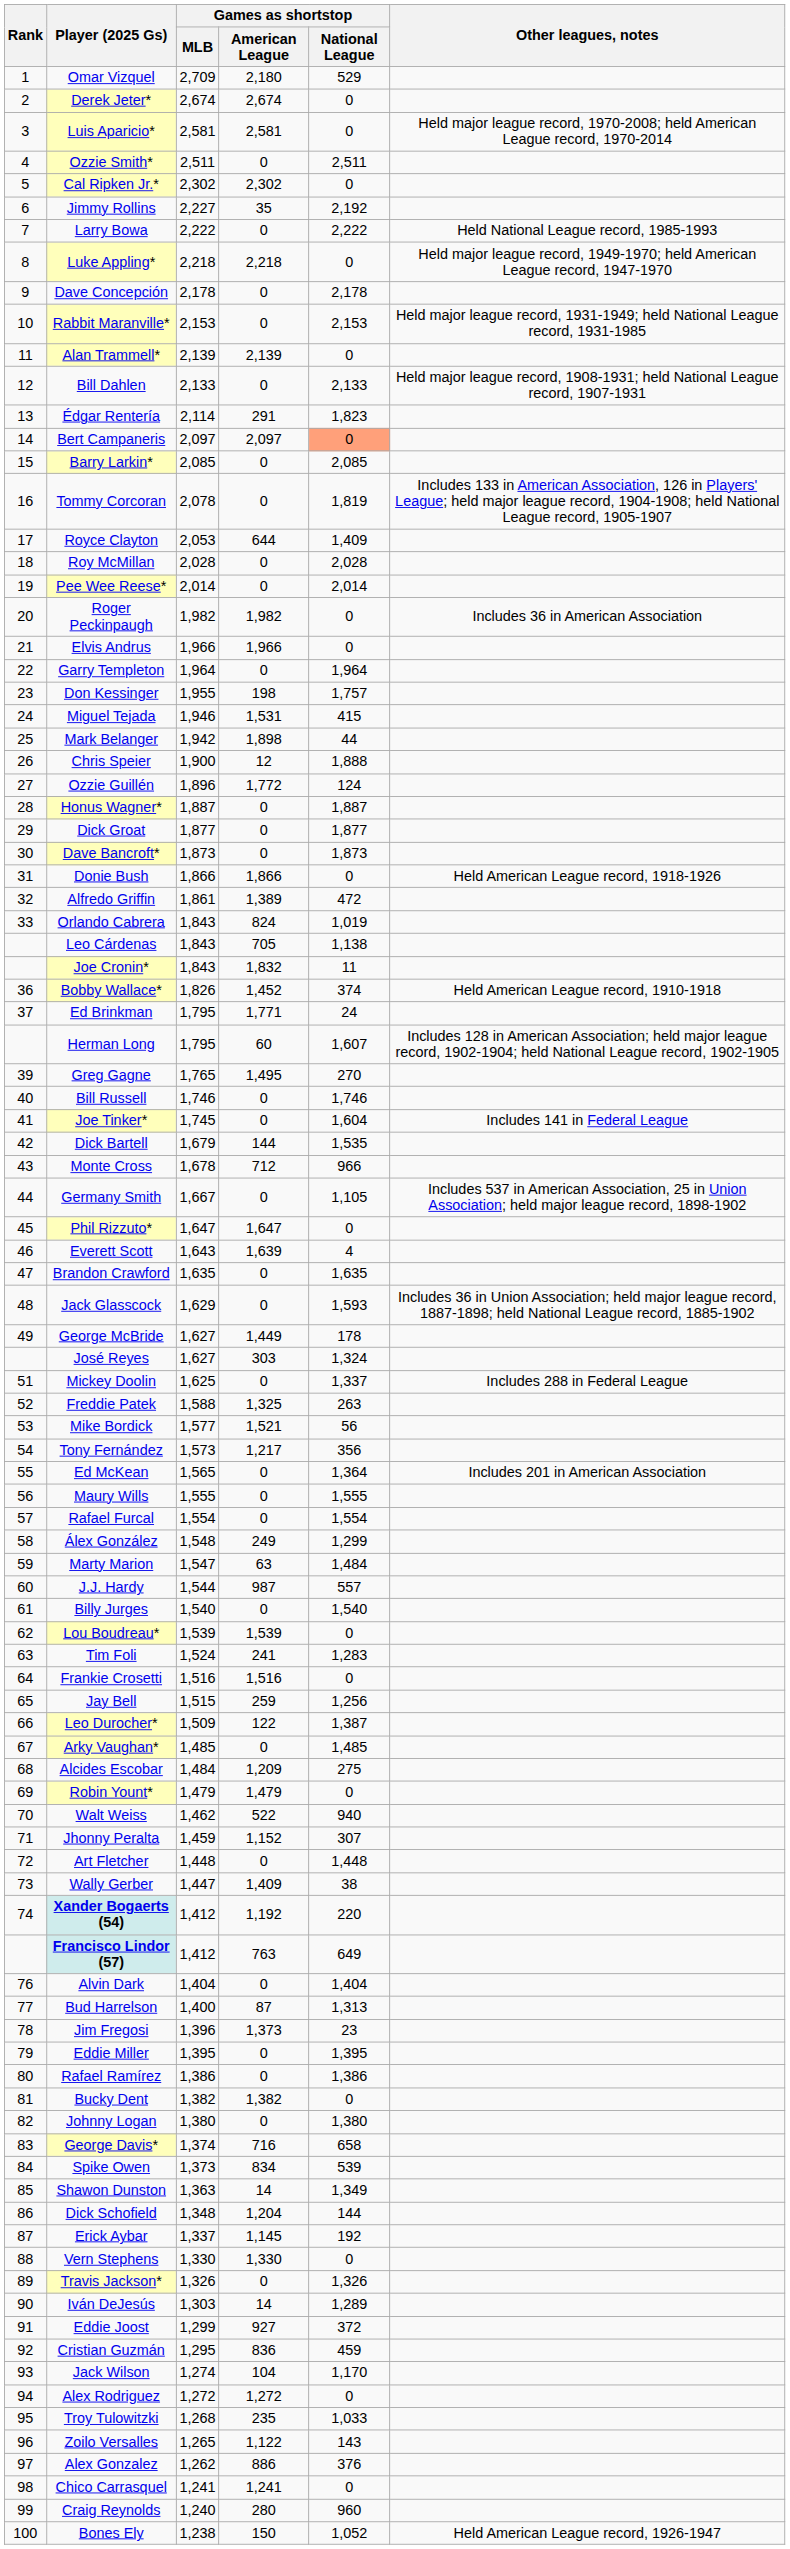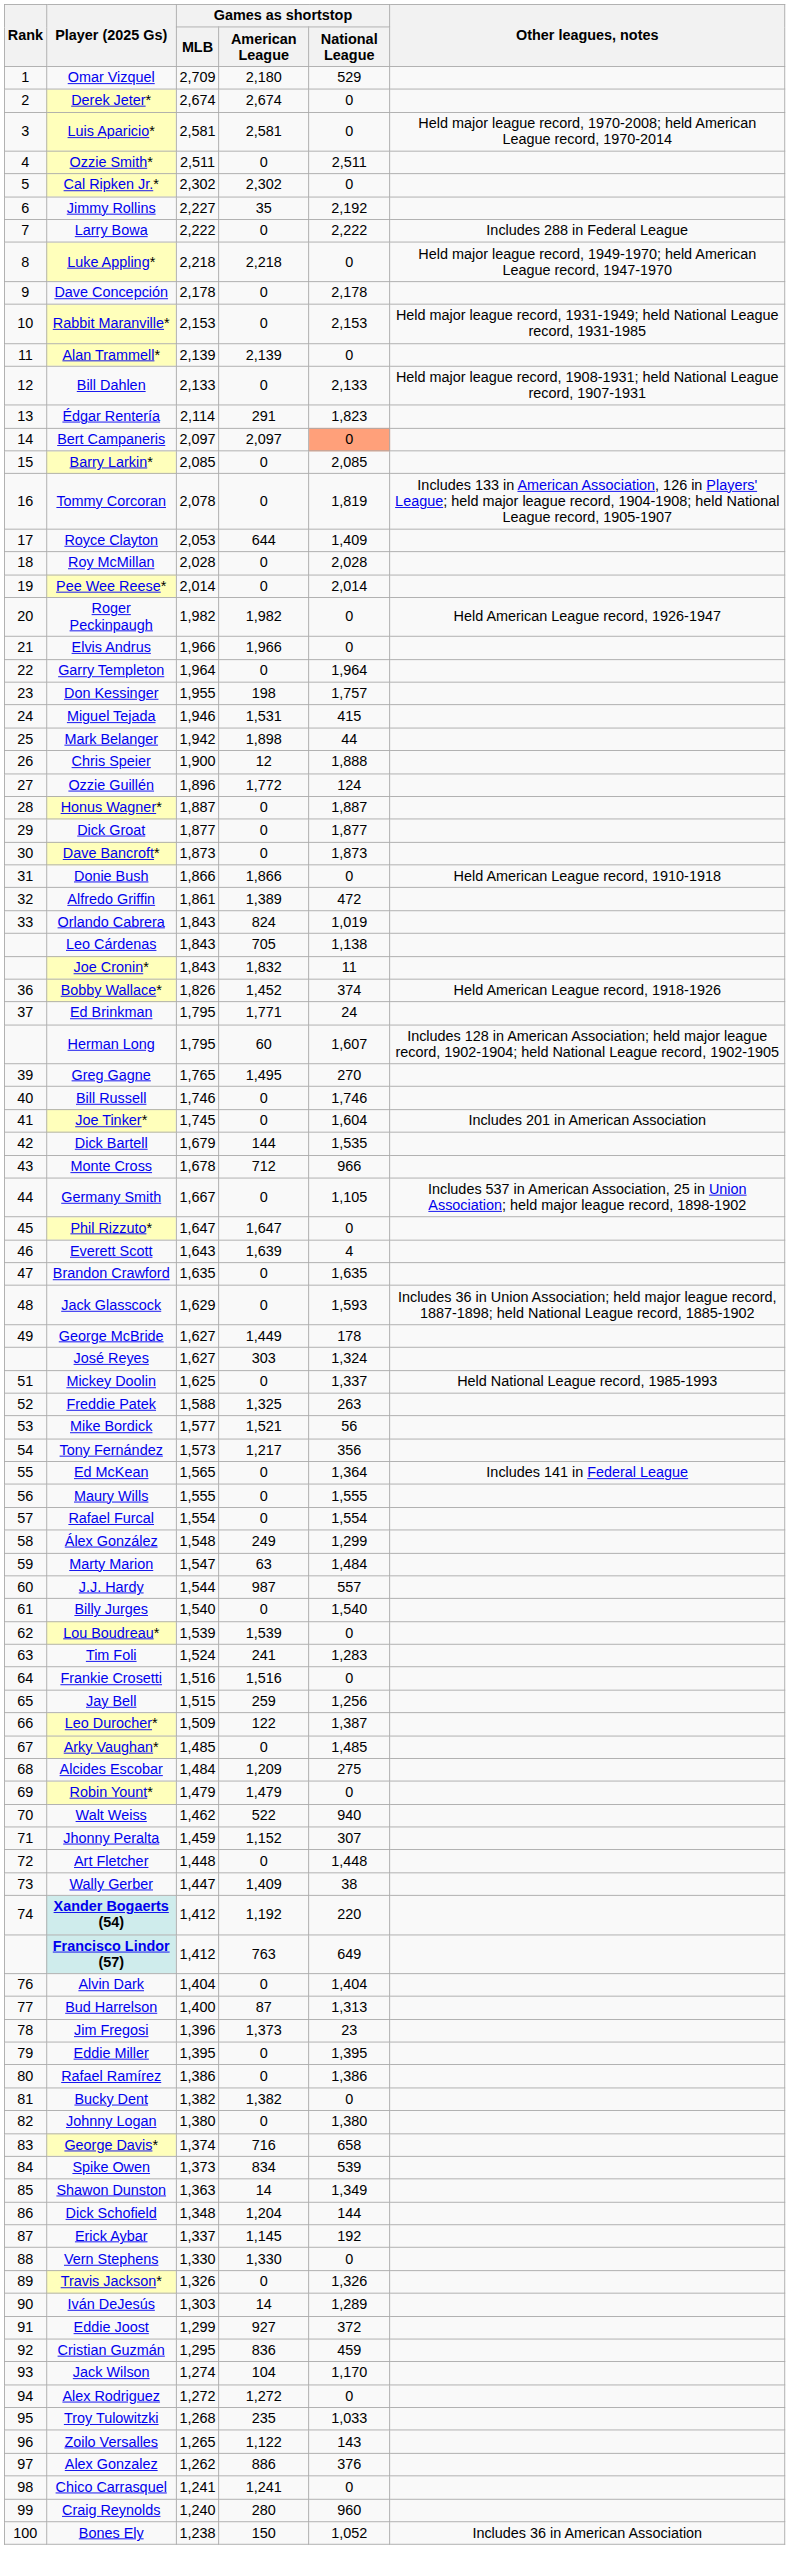 <table class="wikitable sortable" style="text-align:center">
 <tr style="white-space:nowrap;">
 <th rowspan=2>Rank</th>
 <th rowspan=2 scope="col">Player (2025 Gs)</th>
 <th colspan=3>Games as shortstop</th>
 <th rowspan=2>Other leagues, notes</th>
 </tr>
 <tr>
 <th>MLB</th>
 <th>American League</th>
 <th>National League</th>
 </tr>
 <tr>
 <td>1</td>
 <td><a href='#'>Omar Vizquel</a></td>
 <td>2,709</td>
 <td>2,180</td>
 <td>529</td>
 <td></td>
 </tr>
 <tr>
 <td>2</td>
 <td style="background:#ffffbb;"><a href='#'>Derek Jeter</a>*</td>
 <td>2,674</td>
 <td>2,674</td>
 <td>0</td>
 <td></td>
 </tr>
 <tr>
 <td>3</td>
 <td style="background:#ffffbb;"><a href='#'>Luis Aparicio</a>*</td>
 <td>2,581</td>
 <td>2,581</td>
 <td>0</td>
 <td>Held major league record, 1970-2008; held American League record, 1970-2014</td>
 </tr>
 <tr>
 <td>4</td>
 <td style="background:#ffffbb;"><a href='#'>Ozzie Smith</a>*</td>
 <td>2,511</td>
 <td>0</td>
 <td>2,511</td>
 <td></td>
 </tr>
 <tr>
 <td>5</td>
 <td style="background:#ffffbb;"><a href='#'>Cal Ripken Jr.</a>*</td>
 <td>2,302</td>
 <td>2,302</td>
 <td>0</td>
 <td></td>
 </tr>
 <tr>
 <td>6</td>
 <td><a href='#'>Jimmy Rollins</a></td>
 <td>2,227</td>
 <td>35</td>
 <td>2,192</td>
 <td></td>
 </tr>
 <tr>
 <td>7</td>
 <td><a href='#'>Larry Bowa</a></td>
 <td>2,222</td>
 <td>0</td>
 <td>2,222</td>
-<td>Held National League record, 1985-1993</td>
+<td>Includes 288 in Federal League</td>
 </tr>
 <tr>
 <td>8</td>
 <td style="background:#ffffbb;"><a href='#'>Luke Appling</a>*</td>
 <td>2,218</td>
 <td>2,218</td>
 <td>0</td>
 <td>Held major league record, 1949-1970; held American League record, 1947-1970</td>
 </tr>
 <tr>
 <td>9</td>
 <td><a href='#'>Dave Concepción</a></td>
 <td>2,178</td>
 <td>0</td>
 <td>2,178</td>
 <td></td>
 </tr>
 <tr>
 <td>10</td>
 <td style="background:#ffffbb;"><a href='#'>Rabbit Maranville</a>*</td>
 <td>2,153</td>
 <td>0</td>
 <td>2,153</td>
 <td>Held major league record, 1931-1949; held National League record, 1931-1985</td>
 </tr>
 <tr>
 <td>11</td>
 <td style="background:#ffffbb;"><a href='#'>Alan Trammell</a>*</td>
 <td>2,139</td>
 <td>2,139</td>
 <td>0</td>
 <td></td>
 </tr>
 <tr>
 <td>12</td>
 <td><a href='#'>Bill Dahlen</a></td>
 <td>2,133</td>
 <td>0</td>
 <td>2,133</td>
 <td>Held major league record, 1908-1931; held National League record, 1907-1931</td>
 </tr>
 <tr>
 <td>13</td>
 <td><a href='#'>Édgar Rentería</a></td>
 <td>2,114</td>
 <td>291</td>
 <td>1,823</td>
 <td></td>
 </tr>
 <tr>
 <td>14</td>
 <td><a href='#'>Bert Campaneris</a></td>
 <td>2,097</td>
 <td>2,097</td>
 <td style="background: lightsalmon;">0</td>
 <td></td>
 </tr>
 <tr>
 <td>15</td>
 <td style="background:#ffffbb;"><a href='#'>Barry Larkin</a>*</td>
 <td>2,085</td>
 <td>0</td>
 <td>2,085</td>
 <td></td>
 </tr>
 <tr>
 <td>16</td>
 <td><a href='#'>Tommy Corcoran</a></td>
 <td>2,078</td>
 <td>0</td>
 <td>1,819</td>
 <td>Includes 133 in <a href='#'>American Association</a>, 126 in <a href='#'>Players' League</a>; held major league record, 1904-1908; held National League record, 1905-1907</td>
 </tr>
 <tr>
 <td>17</td>
 <td><a href='#'>Royce Clayton</a></td>
 <td>2,053</td>
 <td>644</td>
 <td>1,409</td>
 <td></td>
 </tr>
 <tr>
 <td>18</td>
 <td><a href='#'>Roy McMillan</a></td>
 <td>2,028</td>
 <td>0</td>
 <td>2,028</td>
 <td></td>
 </tr>
 <tr>
 <td>19</td>
 <td style="background:#ffffbb;"><a href='#'>Pee Wee Reese</a>*</td>
 <td>2,014</td>
 <td>0</td>
 <td>2,014</td>
 <td></td>
 </tr>
 <tr>
 <td>20</td>
 <td><a href='#'>Roger Peckinpaugh</a></td>
 <td>1,982</td>
 <td>1,982</td>
 <td>0</td>
-<td>Includes 36 in American Association</td>
+<td>Held American League record, 1926-1947</td>
 </tr>
 <tr>
 <td>21</td>
 <td><a href='#'>Elvis Andrus</a></td>
 <td>1,966</td>
 <td>1,966</td>
 <td>0</td>
 <td></td>
 </tr>
 <tr>
 <td>22</td>
 <td><a href='#'>Garry Templeton</a></td>
 <td>1,964</td>
 <td>0</td>
 <td>1,964</td>
 <td></td>
 </tr>
 <tr>
 <td>23</td>
 <td><a href='#'>Don Kessinger</a></td>
 <td>1,955</td>
 <td>198</td>
 <td>1,757</td>
 <td></td>
 </tr>
 <tr>
 <td>24</td>
 <td><a href='#'>Miguel Tejada</a></td>
 <td>1,946</td>
 <td>1,531</td>
 <td>415</td>
 <td></td>
 </tr>
 <tr>
 <td>25</td>
 <td><a href='#'>Mark Belanger</a></td>
 <td>1,942</td>
 <td>1,898</td>
 <td>44</td>
 <td></td>
 </tr>
 <tr>
 <td>26</td>
 <td><a href='#'>Chris Speier</a></td>
 <td>1,900</td>
 <td>12</td>
 <td>1,888</td>
 <td></td>
 </tr>
 <tr>
 <td>27</td>
 <td><a href='#'>Ozzie Guillén</a></td>
 <td>1,896</td>
 <td>1,772</td>
 <td>124</td>
 <td></td>
 </tr>
 <tr>
 <td>28</td>
 <td style="background:#ffffbb;"><a href='#'>Honus Wagner</a>*</td>
 <td>1,887</td>
 <td>0</td>
 <td>1,887</td>
 <td></td>
 </tr>
 <tr>
 <td>29</td>
 <td><a href='#'>Dick Groat</a></td>
 <td>1,877</td>
 <td>0</td>
 <td>1,877</td>
 <td></td>
 </tr>
 <tr>
 <td>30</td>
 <td style="background:#ffffbb;"><a href='#'>Dave Bancroft</a>*</td>
 <td>1,873</td>
 <td>0</td>
 <td>1,873</td>
 <td></td>
 </tr>
 <tr>
 <td>31</td>
 <td><a href='#'>Donie Bush</a></td>
 <td>1,866</td>
 <td>1,866</td>
 <td>0</td>
-<td>Held American League record, 1918-1926</td>
+<td>Held American League record, 1910-1918</td>
 </tr>
 <tr>
 <td>32</td>
 <td><a href='#'>Alfredo Griffin</a></td>
 <td>1,861</td>
 <td>1,389</td>
 <td>472</td>
 <td></td>
 </tr>
 <tr>
 <td>33</td>
 <td><a href='#'>Orlando Cabrera</a></td>
 <td>1,843</td>
 <td>824</td>
 <td>1,019</td>
 <td></td>
 </tr>
 <tr>
 <td></td>
 <td><a href='#'>Leo Cárdenas</a></td>
 <td>1,843</td>
 <td>705</td>
 <td>1,138</td>
 <td></td>
 </tr>
 <tr>
 <td></td>
 <td style="background:#ffffbb;"><a href='#'>Joe Cronin</a>*</td>
 <td>1,843</td>
 <td>1,832</td>
 <td>11</td>
 <td></td>
 </tr>
 <tr>
 <td>36</td>
 <td style="background:#ffffbb;"><a href='#'>Bobby Wallace</a>*</td>
 <td>1,826</td>
 <td>1,452</td>
 <td>374</td>
-<td>Held American League record, 1910-1918</td>
+<td>Held American League record, 1918-1926</td>
 </tr>
 <tr>
 <td>37</td>
 <td><a href='#'>Ed Brinkman</a></td>
 <td>1,795</td>
 <td>1,771</td>
 <td>24</td>
 <td></td>
 </tr>
 <tr>
 <td></td>
 <td><a href='#'>Herman Long</a></td>
 <td>1,795</td>
 <td>60</td>
 <td>1,607</td>
 <td>Includes 128 in American Association; held major league record, 1902-1904; held National League record, 1902-1905</td>
 </tr>
 <tr>
 <td>39</td>
 <td><a href='#'>Greg Gagne</a></td>
 <td>1,765</td>
 <td>1,495</td>
 <td>270</td>
 <td></td>
 </tr>
 <tr>
 <td>40</td>
 <td><a href='#'>Bill Russell</a></td>
 <td>1,746</td>
 <td>0</td>
 <td>1,746</td>
 <td></td>
 </tr>
 <tr>
 <td>41</td>
 <td style="background:#ffffbb;"><a href='#'>Joe Tinker</a>*</td>
 <td>1,745</td>
 <td>0</td>
 <td>1,604</td>
-<td>Includes 141 in <a href='#'>Federal League</a></td>
+<td>Includes 201 in American Association</td>
 </tr>
 <tr>
 <td>42</td>
 <td><a href='#'>Dick Bartell</a></td>
 <td>1,679</td>
 <td>144</td>
 <td>1,535</td>
 <td></td>
 </tr>
 <tr>
 <td>43</td>
 <td><a href='#'>Monte Cross</a></td>
 <td>1,678</td>
 <td>712</td>
 <td>966</td>
 <td></td>
 </tr>
 <tr>
 <td>44</td>
 <td><a href='#'>Germany Smith</a></td>
 <td>1,667</td>
 <td>0</td>
 <td>1,105</td>
 <td>Includes 537 in American Association, 25 in <a href='#'>Union Association</a>; held major league record, 1898-1902</td>
 </tr>
 <tr>
 <td>45</td>
 <td style="background:#ffffbb;"><a href='#'>Phil Rizzuto</a>*</td>
 <td>1,647</td>
 <td>1,647</td>
 <td>0</td>
 <td></td>
 </tr>
 <tr>
 <td>46</td>
 <td><a href='#'>Everett Scott</a></td>
 <td>1,643</td>
 <td>1,639</td>
 <td>4</td>
 <td></td>
 </tr>
 <tr>
 <td>47</td>
 <td><a href='#'>Brandon Crawford</a></td>
 <td>1,635</td>
 <td>0</td>
 <td>1,635</td>
 <td></td>
 </tr>
 <tr>
 <td>48</td>
 <td><a href='#'>Jack Glasscock</a></td>
 <td>1,629</td>
 <td>0</td>
 <td>1,593</td>
 <td>Includes 36 in Union Association; held major league record, 1887-1898; held National League record, 1885-1902</td>
 </tr>
 <tr>
 <td>49</td>
 <td><a href='#'>George McBride</a></td>
 <td>1,627</td>
 <td>1,449</td>
 <td>178</td>
 <td></td>
 </tr>
 <tr>
 <td></td>
 <td><a href='#'>José Reyes</a></td>
 <td>1,627</td>
 <td>303</td>
 <td>1,324</td>
 <td></td>
 </tr>
 <tr>
 <td>51</td>
 <td><a href='#'>Mickey Doolin</a></td>
 <td>1,625</td>
 <td>0</td>
 <td>1,337</td>
-<td>Includes 288 in Federal League</td>
+<td>Held National League record, 1985-1993</td>
 </tr>
 <tr>
 <td>52</td>
 <td><a href='#'>Freddie Patek</a></td>
 <td>1,588</td>
 <td>1,325</td>
 <td>263</td>
 <td></td>
 </tr>
 <tr>
 <td>53</td>
 <td><a href='#'>Mike Bordick</a></td>
 <td>1,577</td>
 <td>1,521</td>
 <td>56</td>
 <td></td>
 </tr>
 <tr>
 <td>54</td>
 <td><a href='#'>Tony Fernández</a></td>
 <td>1,573</td>
 <td>1,217</td>
 <td>356</td>
 <td></td>
 </tr>
 <tr>
 <td>55</td>
 <td><a href='#'>Ed McKean</a></td>
 <td>1,565</td>
 <td>0</td>
 <td>1,364</td>
-<td>Includes 201 in American Association</td>
+<td>Includes 141 in <a href='#'>Federal League</a></td>
 </tr>
 <tr>
 <td>56</td>
 <td><a href='#'>Maury Wills</a></td>
 <td>1,555</td>
 <td>0</td>
 <td>1,555</td>
 <td></td>
 </tr>
 <tr>
 <td>57</td>
 <td><a href='#'>Rafael Furcal</a></td>
 <td>1,554</td>
 <td>0</td>
 <td>1,554</td>
 <td></td>
 </tr>
 <tr>
 <td>58</td>
 <td><a href='#'>Álex González</a></td>
 <td>1,548</td>
 <td>249</td>
 <td>1,299</td>
 <td></td>
 </tr>
 <tr>
 <td>59</td>
 <td><a href='#'>Marty Marion</a></td>
 <td>1,547</td>
 <td>63</td>
 <td>1,484</td>
 <td></td>
 </tr>
 <tr>
 <td>60</td>
 <td><a href='#'>J.J. Hardy</a></td>
 <td>1,544</td>
 <td>987</td>
 <td>557</td>
 <td></td>
 </tr>
 <tr>
 <td>61</td>
 <td><a href='#'>Billy Jurges</a></td>
 <td>1,540</td>
 <td>0</td>
 <td>1,540</td>
 <td></td>
 </tr>
 <tr>
 <td>62</td>
 <td style="background:#ffffbb;"><a href='#'>Lou Boudreau</a>*</td>
 <td>1,539</td>
 <td>1,539</td>
 <td>0</td>
 <td></td>
 </tr>
 <tr>
 <td>63</td>
 <td><a href='#'>Tim Foli</a></td>
 <td>1,524</td>
 <td>241</td>
 <td>1,283</td>
 <td></td>
 </tr>
 <tr>
 <td>64</td>
 <td><a href='#'>Frankie Crosetti</a></td>
 <td>1,516</td>
 <td>1,516</td>
 <td>0</td>
 <td></td>
 </tr>
 <tr>
 <td>65</td>
 <td><a href='#'>Jay Bell</a></td>
 <td>1,515</td>
 <td>259</td>
 <td>1,256</td>
 <td></td>
 </tr>
 <tr>
 <td>66</td>
 <td style="background:#ffffbb;"><a href='#'>Leo Durocher</a>*</td>
 <td>1,509</td>
 <td>122</td>
 <td>1,387</td>
 <td></td>
 </tr>
 <tr>
 <td>67</td>
 <td style="background:#ffffbb;"><a href='#'>Arky Vaughan</a>*</td>
 <td>1,485</td>
 <td>0</td>
 <td>1,485</td>
 <td></td>
 </tr>
 <tr>
 <td>68</td>
 <td><a href='#'>Alcides Escobar</a></td>
 <td>1,484</td>
 <td>1,209</td>
 <td>275</td>
 <td></td>
 </tr>
 <tr>
 <td>69</td>
 <td style="background:#ffffbb;"><a href='#'>Robin Yount</a>*</td>
 <td>1,479</td>
 <td>1,479</td>
 <td>0</td>
 <td></td>
 </tr>
 <tr>
 <td>70</td>
 <td><a href='#'>Walt Weiss</a></td>
 <td>1,462</td>
 <td>522</td>
 <td>940</td>
 <td></td>
 </tr>
 <tr>
 <td>71</td>
 <td><a href='#'>Jhonny Peralta</a></td>
 <td>1,459</td>
 <td>1,152</td>
 <td>307</td>
 <td></td>
 </tr>
 <tr>
 <td>72</td>
 <td><a href='#'>Art Fletcher</a></td>
 <td>1,448</td>
 <td>0</td>
 <td>1,448</td>
 <td></td>
 </tr>
 <tr>
 <td>73</td>
 <td><a href='#'>Wally Gerber</a></td>
 <td>1,447</td>
 <td>1,409</td>
 <td>38</td>
 <td></td>
 </tr>
 <tr>
 <td>74</td>
 <td style="background:#cfecec;"><strong><a href='#'>Xander Bogaerts</a> (54)</strong></td>
 <td>1,412</td>
 <td>1,192</td>
 <td>220</td>
 <td></td>
 </tr>
 <tr>
 <td></td>
 <td style="background:#cfecec;"><strong><a href='#'>Francisco Lindor</a> (57)</strong></td>
 <td>1,412</td>
 <td>763</td>
 <td>649</td>
 <td></td>
 </tr>
 <tr>
 <td>76</td>
 <td><a href='#'>Alvin Dark</a></td>
 <td>1,404</td>
 <td>0</td>
 <td>1,404</td>
 <td></td>
 </tr>
 <tr>
 <td>77</td>
 <td><a href='#'>Bud Harrelson</a></td>
 <td>1,400</td>
 <td>87</td>
 <td>1,313</td>
 <td></td>
 </tr>
 <tr>
 <td>78</td>
 <td><a href='#'>Jim Fregosi</a></td>
 <td>1,396</td>
 <td>1,373</td>
 <td>23</td>
 <td></td>
 </tr>
 <tr>
 <td>79</td>
 <td><a href='#'>Eddie Miller</a></td>
 <td>1,395</td>
 <td>0</td>
 <td>1,395</td>
 <td></td>
 </tr>
 <tr>
 <td>80</td>
 <td><a href='#'>Rafael Ramírez</a></td>
 <td>1,386</td>
 <td>0</td>
 <td>1,386</td>
 <td></td>
 </tr>
 <tr>
 <td>81</td>
 <td><a href='#'>Bucky Dent</a></td>
 <td>1,382</td>
 <td>1,382</td>
 <td>0</td>
 <td></td>
 </tr>
 <tr>
 <td>82</td>
 <td><a href='#'>Johnny Logan</a></td>
 <td>1,380</td>
 <td>0</td>
 <td>1,380</td>
 <td></td>
 </tr>
 <tr>
 <td>83</td>
 <td style="background:#ffffbb;"><a href='#'>George Davis</a>*</td>
 <td>1,374</td>
 <td>716</td>
 <td>658</td>
 <td></td>
 </tr>
 <tr>
 <td>84</td>
 <td><a href='#'>Spike Owen</a></td>
 <td>1,373</td>
 <td>834</td>
 <td>539</td>
 <td></td>
 </tr>
 <tr>
 <td>85</td>
 <td><a href='#'>Shawon Dunston</a></td>
 <td>1,363</td>
 <td>14</td>
 <td>1,349</td>
 <td></td>
 </tr>
 <tr>
 <td>86</td>
 <td><a href='#'>Dick Schofield</a></td>
 <td>1,348</td>
 <td>1,204</td>
 <td>144</td>
 <td></td>
 </tr>
 <tr>
 <td>87</td>
 <td><a href='#'>Erick Aybar</a></td>
 <td>1,337</td>
 <td>1,145</td>
 <td>192</td>
 <td></td>
 </tr>
 <tr>
 <td>88</td>
 <td><a href='#'>Vern Stephens</a></td>
 <td>1,330</td>
 <td>1,330</td>
 <td>0</td>
 <td></td>
 </tr>
 <tr>
 <td>89</td>
 <td style="background:#ffffbb;"><a href='#'>Travis Jackson</a>*</td>
 <td>1,326</td>
 <td>0</td>
 <td>1,326</td>
 <td></td>
 </tr>
 <tr>
 <td>90</td>
 <td><a href='#'>Iván DeJesús</a></td>
 <td>1,303</td>
 <td>14</td>
 <td>1,289</td>
 <td></td>
 </tr>
 <tr>
 <td>91</td>
 <td><a href='#'>Eddie Joost</a></td>
 <td>1,299</td>
 <td>927</td>
 <td>372</td>
 <td></td>
 </tr>
 <tr>
 <td>92</td>
 <td><a href='#'>Cristian Guzmán</a></td>
 <td>1,295</td>
 <td>836</td>
 <td>459</td>
 <td></td>
 </tr>
 <tr>
 <td>93</td>
 <td><a href='#'>Jack Wilson</a></td>
 <td>1,274</td>
 <td>104</td>
 <td>1,170</td>
 <td></td>
 </tr>
 <tr>
 <td>94</td>
 <td><a href='#'>Alex Rodriguez</a></td>
 <td>1,272</td>
 <td>1,272</td>
 <td>0</td>
 <td></td>
 </tr>
 <tr>
 <td>95</td>
 <td><a href='#'>Troy Tulowitzki</a></td>
 <td>1,268</td>
 <td>235</td>
 <td>1,033</td>
 <td></td>
 </tr>
 <tr>
 <td>96</td>
 <td><a href='#'>Zoilo Versalles</a></td>
 <td>1,265</td>
 <td>1,122</td>
 <td>143</td>
 <td></td>
 </tr>
 <tr>
 <td>97</td>
 <td><a href='#'>Alex Gonzalez</a></td>
 <td>1,262</td>
 <td>886</td>
 <td>376</td>
 <td></td>
 </tr>
 <tr>
 <td>98</td>
 <td><a href='#'>Chico Carrasquel</a></td>
 <td>1,241</td>
 <td>1,241</td>
 <td>0</td>
 <td></td>
 </tr>
 <tr>
 <td>99</td>
 <td><a href='#'>Craig Reynolds</a></td>
 <td>1,240</td>
 <td>280</td>
 <td>960</td>
 <td></td>
 </tr>
 <tr>
 <td>100</td>
 <td><a href='#'>Bones Ely</a></td>
 <td>1,238</td>
 <td>150</td>
 <td>1,052</td>
-<td>Held American League record, 1926-1947</td>
+<td>Includes 36 in American Association</td>
 </tr>
 </table>
